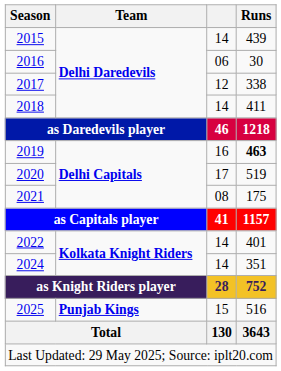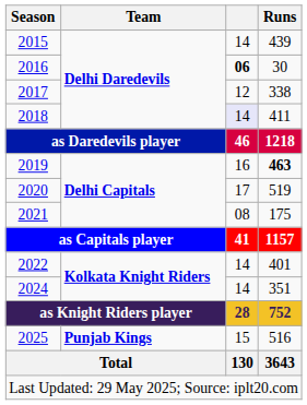 <table class="wikitable sortable" style="font-size:90%; float:right; clear:right; text-align:center; margin-right:15px">
 <tr>
 <th>Season</th>
 <th>Team</th>
 <th></th>
 <th>Runs</th>
 </tr>
 <tr>
 <td><a href='#'>2015</a></td>
 <td style="text-align:left;" rowspan=4><strong><a href='#'>Delhi Daredevils</a></strong></td>
 <td>14</td>
 <td>439</td>
 </tr>
 <tr>
 <td><a href='#'>2016</a></td>
-<td>06</td>
+<td><strong>06</strong></td>
 <td>30</td>
 </tr>
 <tr>
 <td><a href='#'>2017</a></td>
 <td>12</td>
 <td>338</td>
 </tr>
 <tr>
 <td><a href='#'>2018</a></td>
-<td>14</td>
+<td style="background: lavender;">14</td>
 <td>411</td>
 </tr>
 <tr>
 <th colspan=2 style="background:#0018A8; color:white">as Daredevils player</th>
 <th style="background:#D70040; color:white">46</th>
 <th style="background:#D70040; color:white">1218</th>
 </tr>
 <tr>
 <td><a href='#'>2019</a></td>
 <td style="text-align:left;" rowspan=3><strong><a href='#'>Delhi Capitals</a></strong></td>
 <td>16</td>
 <td><strong>463</strong></td>
 </tr>
 <tr>
 <td><a href='#'>2020</a></td>
 <td>17</td>
 <td>519</td>
 </tr>
 <tr>
 <td><a href='#'>2021</a></td>
 <td>08</td>
 <td>175</td>
 </tr>
 <tr>
 <th colspan=2 style="background:blue; color:white">as Capitals player</th>
 <th style="background:red; color:white">41</th>
 <th style="background:red; color:white">1157</th>
 </tr>
 <tr>
 <td><a href='#'>2022</a></td>
 <td style="text-align:left;" rowspan=2><strong><a href='#'>Kolkata Knight Riders</a></strong></td>
 <td>14</td>
 <td>401</td>
 </tr>
 <tr>
 <td><a href='#'>2024</a></td>
 <td>14</td>
 <td>351</td>
 </tr>
 <tr>
 <th colspan=2 style="background:#381D5C; color:white">as Knight Riders player</th>
 <th style="background:#F3C226; color:#381D5C">28</th>
 <th style="background:#F3C226; color:#381D5C">752</th>
 </tr>
 <tr>
 <td><a href='#'>2025</a></td>
 <td style="text-align:left;"><strong><a href='#'>Punjab Kings</a></strong></td>
 <td>15</td>
 <td>516</td>
 </tr>
 <tr>
 <th colspan=2>Total</th>
 <th>130</th>
 <th>3643</th>
 </tr>
 <tr>
 <td colspan="4";>Last Updated: 29 May 2025; Source: iplt20.com</td>
 </tr>
 </table>
